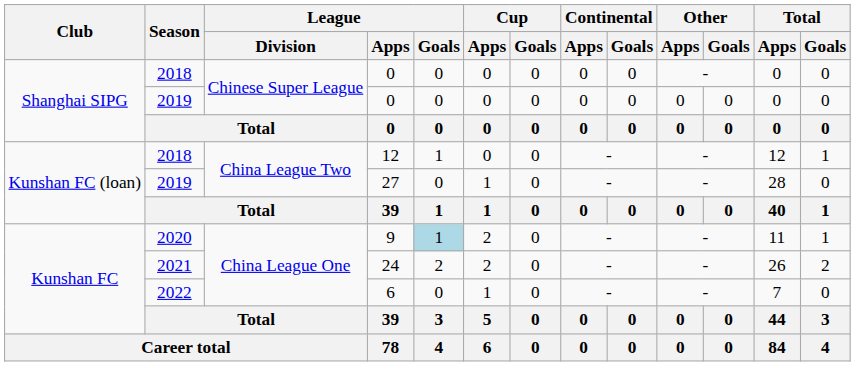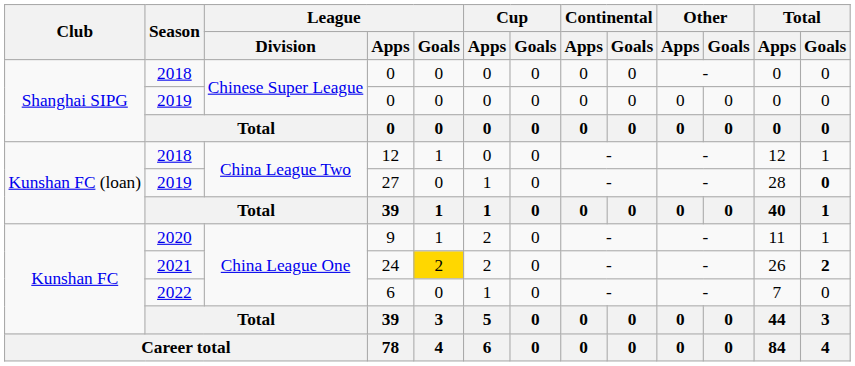 <table class="wikitable" style="text-align: center">
 <tr>
 <th rowspan="2">Club</th>
 <th rowspan="2">Season</th>
 <th colspan="3">League</th>
 <th colspan="2">Cup</th>
 <th colspan="2">Continental</th>
 <th colspan="2">Other</th>
 <th colspan="2">Total</th>
 </tr>
 <tr>
 <th>Division</th>
 <th>Apps</th>
 <th>Goals</th>
 <th>Apps</th>
 <th>Goals</th>
 <th>Apps</th>
 <th>Goals</th>
 <th>Apps</th>
 <th>Goals</th>
 <th>Apps</th>
 <th>Goals</th>
 </tr>
 <tr>
 <td rowspan="3"><a href='#'>Shanghai SIPG</a></td>
 <td><a href='#'>2018</a></td>
 <td rowspan="2"><a href='#'>Chinese Super League</a></td>
 <td>0</td>
 <td>0</td>
 <td>0</td>
 <td>0</td>
 <td>0</td>
 <td>0</td>
 <td colspan="2">-</td>
 <td>0</td>
 <td>0</td>
 </tr>
 <tr>
 <td><a href='#'>2019</a></td>
 <td>0</td>
 <td>0</td>
 <td>0</td>
 <td>0</td>
 <td>0</td>
 <td>0</td>
 <td>0</td>
 <td>0</td>
 <td>0</td>
 <td>0</td>
 </tr>
 <tr>
 <th colspan=2>Total</th>
 <th>0</th>
 <th>0</th>
 <th>0</th>
 <th>0</th>
 <th>0</th>
 <th>0</th>
 <th>0</th>
 <th>0</th>
 <th>0</th>
 <th>0</th>
 </tr>
 <tr>
 <td rowspan="3"><a href='#'>Kunshan FC</a> (loan)</td>
 <td><a href='#'>2018</a></td>
 <td rowspan="2"><a href='#'>China League Two</a></td>
 <td>12</td>
 <td>1</td>
 <td>0</td>
 <td>0</td>
 <td colspan="2">-</td>
 <td colspan="2">-</td>
 <td>12</td>
 <td>1</td>
 </tr>
 <tr>
 <td><a href='#'>2019</a></td>
 <td>27</td>
 <td>0</td>
 <td>1</td>
 <td>0</td>
 <td colspan="2">-</td>
 <td colspan="2">-</td>
 <td>28</td>
-<td>0</td>
+<td><strong>0</strong></td>
 </tr>
 <tr>
 <th colspan=2>Total</th>
 <th>39</th>
 <th>1</th>
 <th>1</th>
 <th>0</th>
 <th>0</th>
 <th>0</th>
 <th>0</th>
 <th>0</th>
 <th>40</th>
 <th>1</th>
 </tr>
 <tr>
 <td rowspan="4"><a href='#'>Kunshan FC</a></td>
 <td><a href='#'>2020</a></td>
 <td rowspan="3"><a href='#'>China League One</a></td>
 <td>9</td>
-<td style="background: lightblue;">1</td>
+<td>1</td>
 <td>2</td>
 <td>0</td>
 <td colspan="2">-</td>
 <td colspan="2">-</td>
 <td>11</td>
 <td>1</td>
 </tr>
 <tr>
 <td><a href='#'>2021</a></td>
 <td>24</td>
-<td>2</td>
+<td style="background: gold;">2</td>
 <td>2</td>
 <td>0</td>
 <td colspan="2">-</td>
 <td colspan="2">-</td>
 <td>26</td>
-<td>2</td>
+<td><strong>2</strong></td>
 </tr>
 <tr>
 <td><a href='#'>2022</a></td>
 <td>6</td>
 <td>0</td>
 <td>1</td>
 <td>0</td>
 <td colspan="2">-</td>
 <td colspan="2">-</td>
 <td>7</td>
 <td>0</td>
 </tr>
 <tr>
 <th colspan=2>Total</th>
 <th>39</th>
 <th>3</th>
 <th>5</th>
 <th>0</th>
 <th>0</th>
 <th>0</th>
 <th>0</th>
 <th>0</th>
 <th>44</th>
 <th>3</th>
 </tr>
 <tr>
 <th colspan=3>Career total</th>
 <th>78</th>
 <th>4</th>
 <th>6</th>
 <th>0</th>
 <th>0</th>
 <th>0</th>
 <th>0</th>
 <th>0</th>
 <th>84</th>
 <th>4</th>
 </tr>
 </table>
